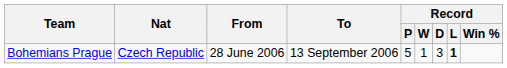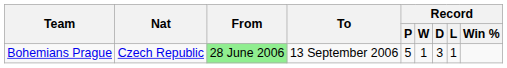 <table class="wikitable" style="text-align: center">
 <tr>
 <th rowspan="2">Team</th>
 <th rowspan="2">Nat</th>
 <th rowspan="2">From</th>
 <th rowspan="2">To</th>
 <th colspan="5">Record</th>
 </tr>
 <tr>
 <th>P</th>
 <th>W</th>
 <th>D</th>
 <th>L</th>
 <th>Win %</th>
 </tr>
 <tr>
 <td style="text-align:left;"><a href='#'>Bohemians Prague</a></td>
 <td><a href='#'>Czech Republic</a></td>
-<td style="text-align:left;">28 June 2006</td>
+<td style="background: lightgreen; text-align:left;">28 June 2006</td>
 <td style="text-align:left;">13 September 2006</td>
 <td>5</td>
 <td>1</td>
 <td>3</td>
-<td><strong>1</strong></td>
+<td>1</td>
 <td></td>
 </tr>
 </table>
